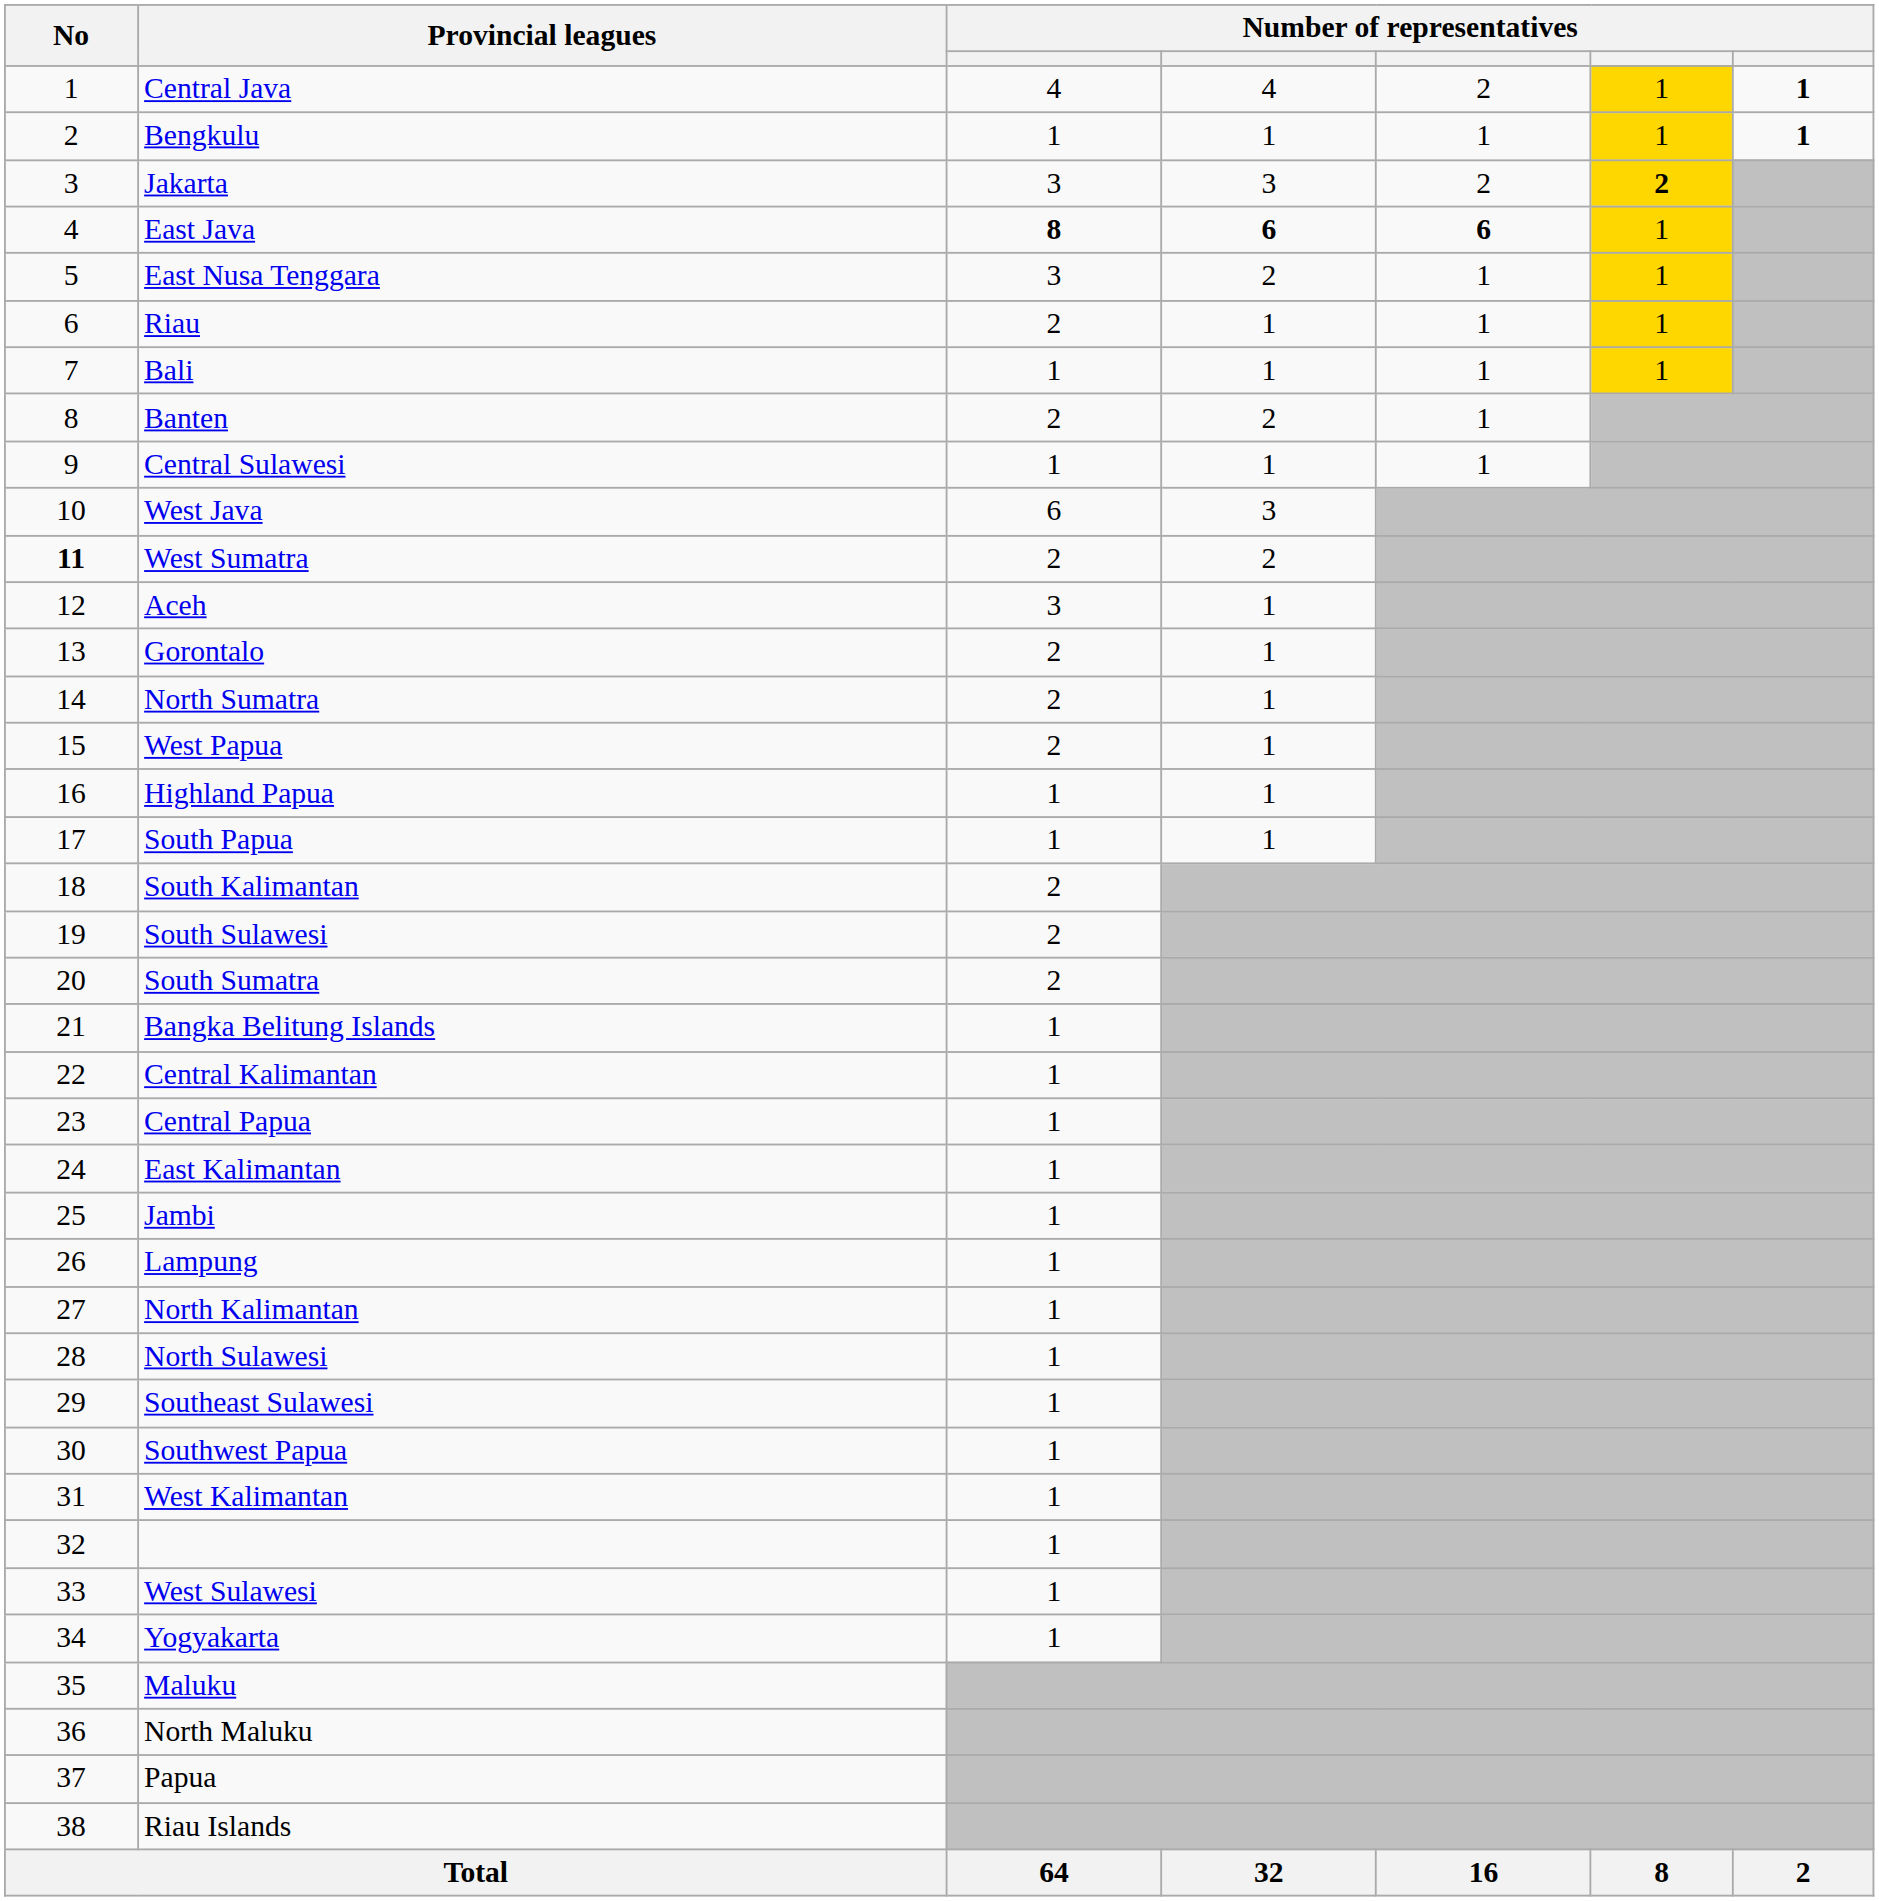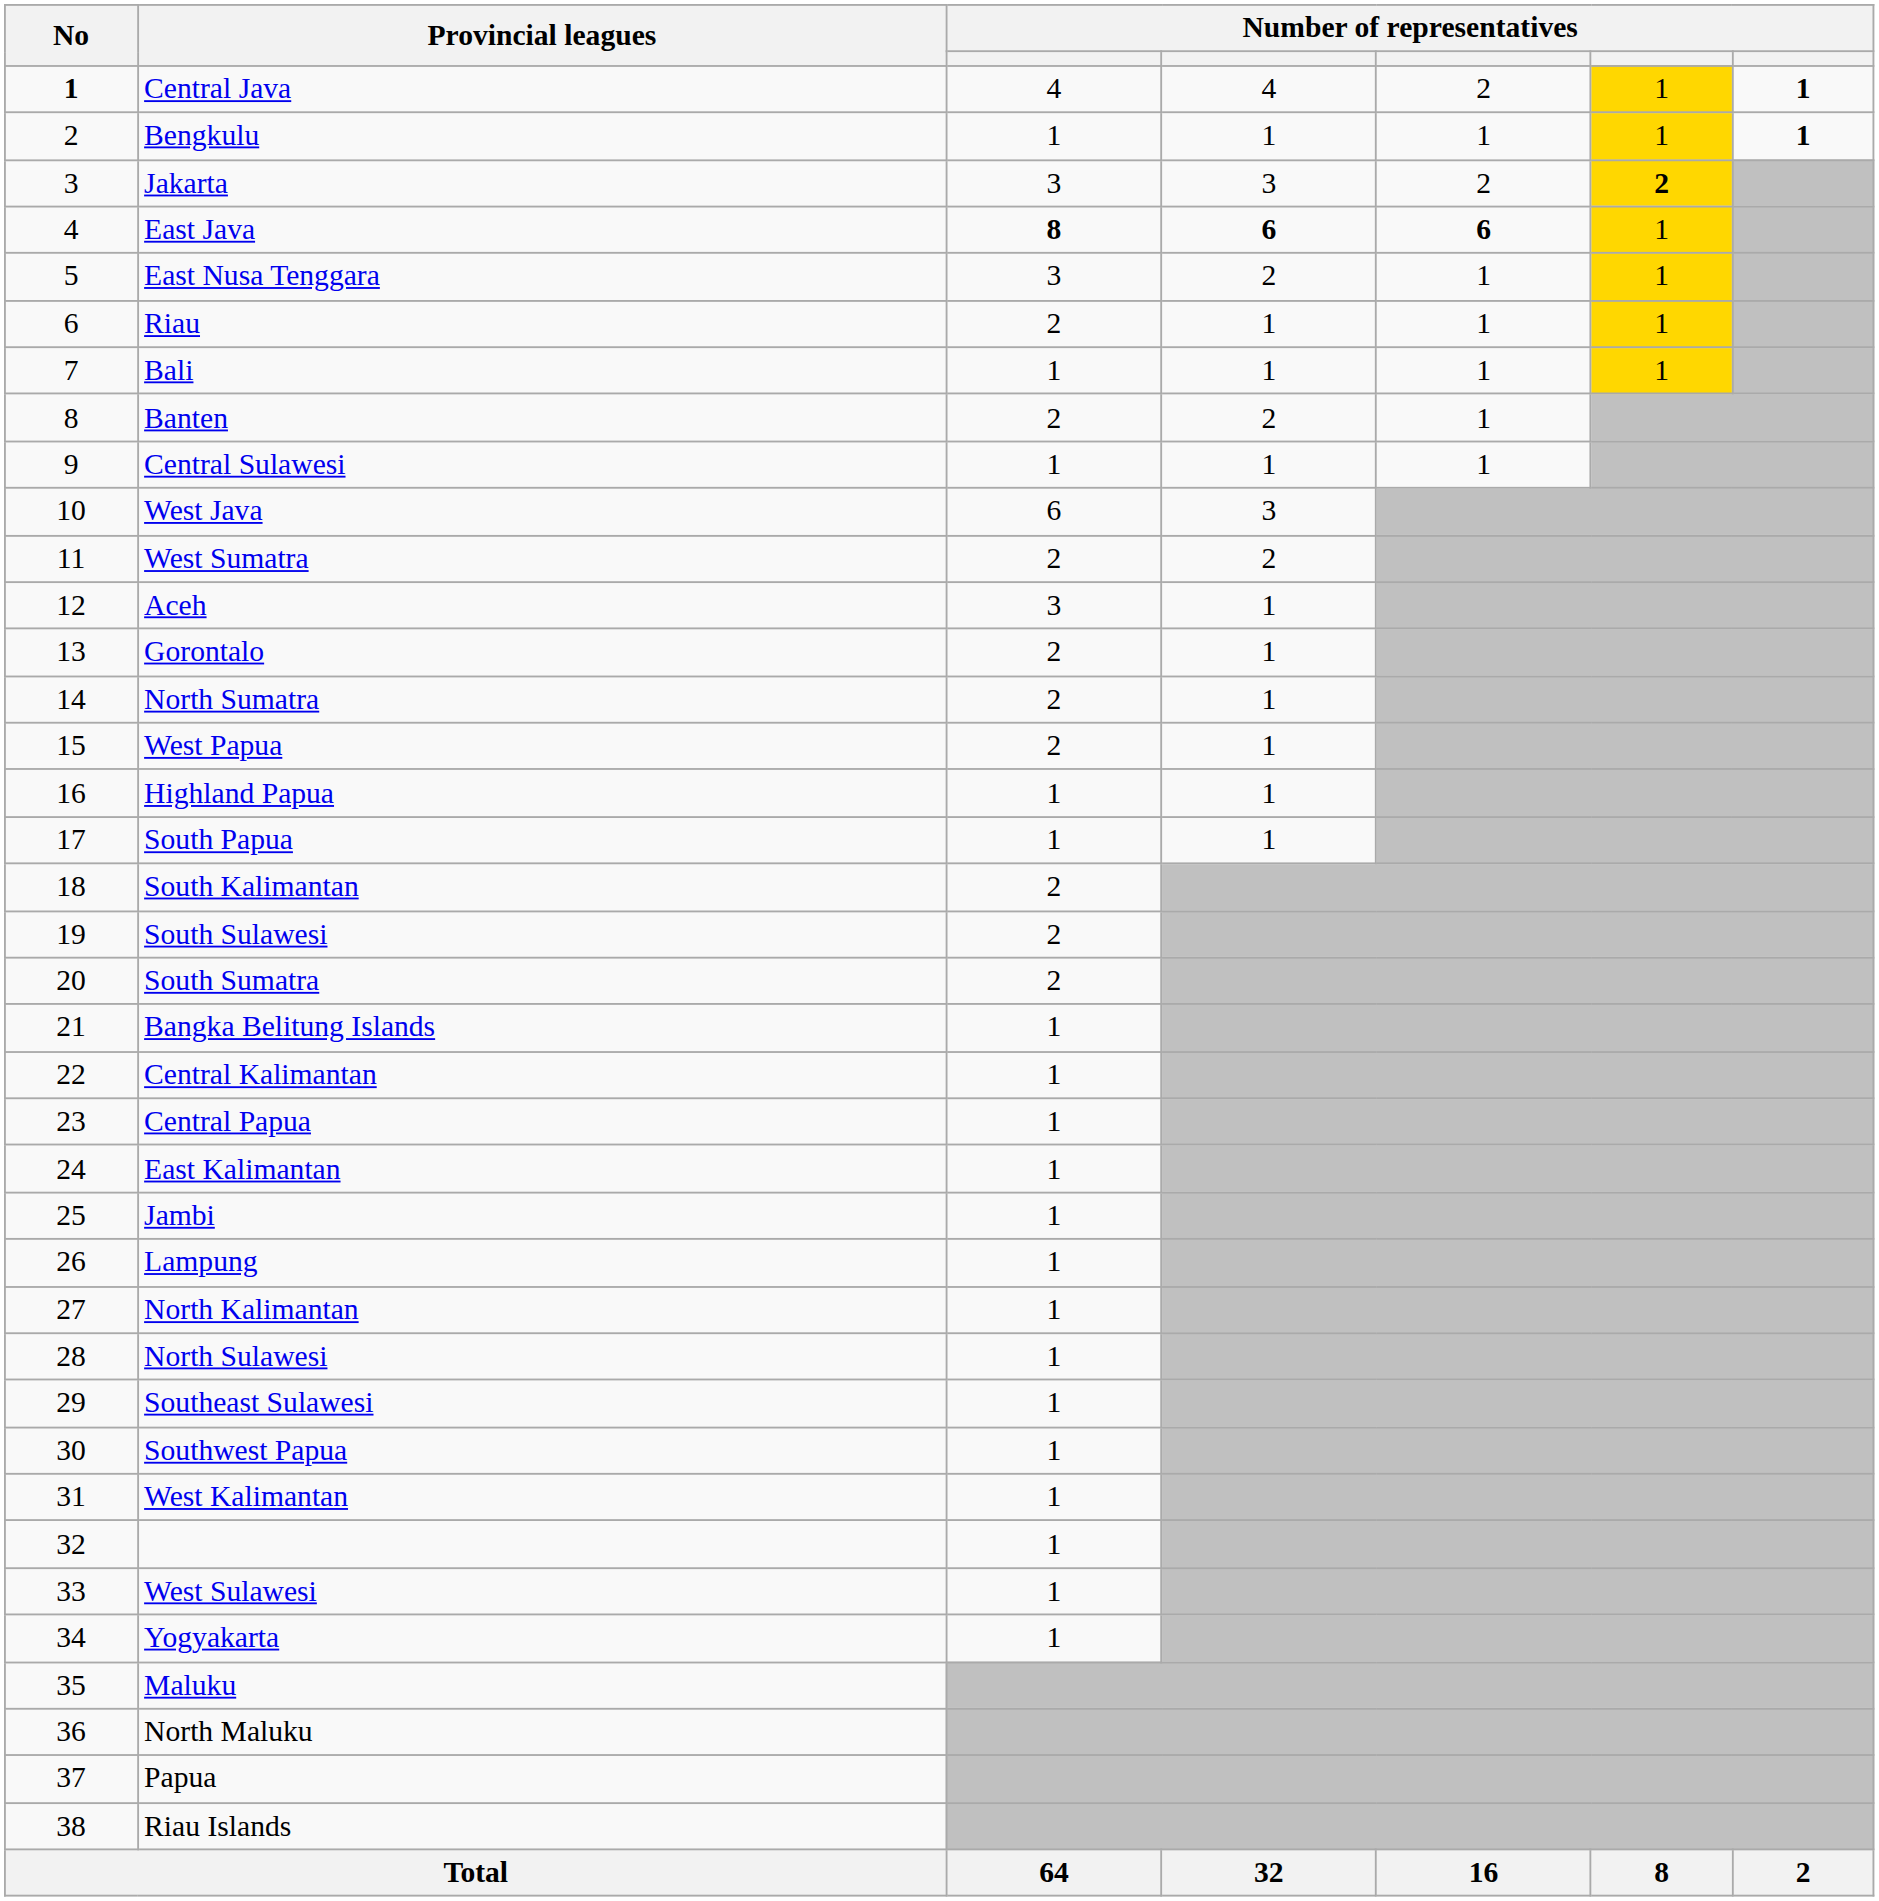 <table class="wikitable sortable" style="text-align: center; width:80%;">
 <tr>
 <th rowspan="2">No</th>
 <th rowspan="2">Provincial leagues</th>
 <th colspan="5">Number of representatives</th>
 </tr>
 <tr>
 <th></th>
 <th></th>
 <th></th>
 <th></th>
 <th></th>
 </tr>
 <tr>
-<td>1</td>
+<td><strong>1</strong></td>
 <td style="text-align: left"> <a href='#'>Central Java</a></td>
 <td>4</td>
 <td>4</td>
 <td>2</td>
 <td style="background:gold;">1</td>
 <td><strong>1</strong></td>
 </tr>
 <tr>
 <td>2</td>
 <td style="text-align: left"> <a href='#'>Bengkulu</a></td>
 <td>1</td>
 <td>1</td>
 <td>1</td>
 <td style="background:gold;">1</td>
 <td><strong>1</strong></td>
 </tr>
 <tr>
 <td>3</td>
 <td style="text-align: left"> <a href='#'>Jakarta</a></td>
 <td>3</td>
 <td>3</td>
 <td>2</td>
 <td style="background:gold;"><strong>2</strong></td>
 <td style="background:silver;"></td>
 </tr>
 <tr>
 <td>4</td>
 <td style="text-align: left"> <a href='#'>East Java</a></td>
 <td><strong>8</strong></td>
 <td><strong>6</strong></td>
 <td><strong>6</strong></td>
 <td style="background:gold;">1</td>
 <td style="background:silver;"></td>
 </tr>
 <tr>
 <td>5</td>
 <td style="text-align: left"> <a href='#'>East Nusa Tenggara</a></td>
 <td>3</td>
 <td>2</td>
 <td>1</td>
 <td style="background:gold;">1</td>
 <td style="background:silver;"></td>
 </tr>
 <tr>
 <td>6</td>
 <td style="text-align: left"> <a href='#'>Riau</a></td>
 <td>2</td>
 <td>1</td>
 <td>1</td>
 <td style="background:gold;">1</td>
 <td style="background:silver;"></td>
 </tr>
 <tr>
 <td>7</td>
 <td style="text-align: left"> <a href='#'>Bali</a></td>
 <td>1</td>
 <td>1</td>
 <td>1</td>
 <td style="background:gold;">1</td>
 <td style="background:silver;"></td>
 </tr>
 <tr>
 <td>8</td>
 <td style="text-align: left"> <a href='#'>Banten</a></td>
 <td>2</td>
 <td>2</td>
 <td>1</td>
 <td colspan="2" style="background:silver;"></td>
 </tr>
 <tr>
 <td>9</td>
 <td style="text-align: left"> <a href='#'>Central Sulawesi</a></td>
 <td>1</td>
 <td>1</td>
 <td>1</td>
 <td colspan="2" style="background:silver;"></td>
 </tr>
 <tr>
 <td>10</td>
 <td style="text-align: left"> <a href='#'>West Java</a></td>
 <td>6</td>
 <td>3</td>
 <td colspan="3" style="background:silver;"></td>
 </tr>
 <tr>
-<td><strong>11</strong></td>
+<td>11</td>
 <td style="text-align: left"> <a href='#'>West Sumatra</a></td>
 <td>2</td>
 <td>2</td>
 <td colspan="3" style="background:silver;"></td>
 </tr>
 <tr>
 <td>12</td>
 <td style="text-align: left"> <a href='#'>Aceh</a></td>
 <td>3</td>
 <td>1</td>
 <td colspan="3" style="background:silver;"></td>
 </tr>
 <tr>
 <td>13</td>
 <td style="text-align: left"> <a href='#'>Gorontalo</a></td>
 <td>2</td>
 <td>1</td>
 <td colspan="3" style="background:silver;"></td>
 </tr>
 <tr>
 <td>14</td>
 <td style="text-align: left"> <a href='#'>North Sumatra</a></td>
 <td>2</td>
 <td>1</td>
 <td colspan="4" style="background:silver;"></td>
 </tr>
 <tr>
 <td>15</td>
 <td style="text-align: left"> <a href='#'>West Papua</a></td>
 <td>2</td>
 <td>1</td>
 <td colspan="3" style="background:silver;"></td>
 </tr>
 <tr>
 <td>16</td>
 <td style="text-align: left"> <a href='#'>Highland Papua</a></td>
 <td>1</td>
 <td>1</td>
 <td colspan="3" style="background:silver;"></td>
 </tr>
 <tr>
 <td>17</td>
 <td style="text-align: left"> <a href='#'>South Papua</a></td>
 <td>1</td>
 <td>1</td>
 <td colspan="3" style="background:silver;"></td>
 </tr>
 <tr>
 <td>18</td>
 <td style="text-align: left"> <a href='#'>South Kalimantan</a></td>
 <td>2</td>
 <td colspan="4" style="background:silver;"></td>
 </tr>
 <tr>
 <td>19</td>
 <td style="text-align: left"> <a href='#'>South Sulawesi</a></td>
 <td>2</td>
 <td colspan="4" style="background:silver;"></td>
 </tr>
 <tr>
 <td>20</td>
 <td style="text-align: left"> <a href='#'>South Sumatra</a></td>
 <td>2</td>
 <td colspan="4" style="background:silver;"></td>
 </tr>
 <tr>
 <td>21</td>
 <td style="text-align: left"> <a href='#'>Bangka Belitung Islands</a></td>
 <td>1</td>
 <td colspan="4" style="background:silver;"></td>
 </tr>
 <tr>
 <td>22</td>
 <td style="text-align: left"> <a href='#'>Central Kalimantan</a></td>
 <td>1</td>
 <td colspan="4" style="background:silver;"></td>
 </tr>
 <tr>
 <td>23</td>
 <td style="text-align: left"> <a href='#'>Central Papua</a></td>
 <td>1</td>
 <td colspan="4" style="background:silver;"></td>
 </tr>
 <tr>
 <td>24</td>
 <td style="text-align: left"> <a href='#'> East Kalimantan</a></td>
 <td>1</td>
 <td colspan="4" style="background:silver;"></td>
 </tr>
 <tr>
 <td>25</td>
 <td style="text-align: left"> <a href='#'>Jambi</a></td>
 <td>1</td>
 <td colspan="4" style="background:silver;"></td>
 </tr>
 <tr>
 <td>26</td>
 <td style="text-align: left"> <a href='#'>Lampung</a></td>
 <td>1</td>
 <td colspan="4" style="background:silver;"></td>
 </tr>
 <tr>
 <td>27</td>
 <td style="text-align: left"> <a href='#'>North Kalimantan</a></td>
 <td>1</td>
 <td colspan="4" style="background:silver;"></td>
 </tr>
 <tr>
 <td>28</td>
 <td style="text-align: left"> <a href='#'>North Sulawesi</a></td>
 <td>1</td>
 <td colspan="4" style="background:silver;"></td>
 </tr>
 <tr>
 <td>29</td>
 <td style="text-align: left"> <a href='#'>Southeast Sulawesi</a></td>
 <td>1</td>
 <td colspan="4" style="background:silver;"></td>
 </tr>
 <tr>
 <td>30</td>
 <td style="text-align: left"> <a href='#'>Southwest Papua</a></td>
 <td>1</td>
 <td colspan="4" style="background:silver;"></td>
 </tr>
 <tr>
 <td>31</td>
 <td style="text-align: left"> <a href='#'>West Kalimantan</a></td>
 <td>1</td>
 <td colspan="4" style="background:silver;"></td>
 </tr>
 <tr>
 <td>32</td>
 <td style="text-align: left"></td>
 <td>1</td>
 <td colspan="4" style="background:silver;"></td>
 </tr>
 <tr>
 <td>33</td>
 <td style="text-align: left"> <a href='#'>West Sulawesi</a></td>
 <td>1</td>
 <td colspan="4" style="background:silver;"></td>
 </tr>
 <tr>
 <td>34</td>
 <td style="text-align: left"> <a href='#'>Yogyakarta</a></td>
 <td>1</td>
 <td colspan="4" style="background:silver;"></td>
 </tr>
 <tr>
 <td>35</td>
 <td style="text-align: left"> <a href='#'>Maluku</a></td>
 <th colspan="5" style="background:silver;"></th>
 </tr>
 <tr>
 <td>36</td>
 <td style="text-align: left"> North Maluku</td>
 <th colspan="5" style="background:silver;"></th>
 </tr>
 <tr>
 <td>37</td>
 <td style="text-align: left"> Papua</td>
 <th colspan="5" style="background:silver;"></th>
 </tr>
 <tr>
 <td>38</td>
 <td style="text-align: left"> Riau Islands</td>
 <th colspan="5" style="background:silver;"></th>
 </tr>
 <tr>
 <th colspan="2">Total</th>
 <th>64</th>
 <th>32</th>
 <th>16</th>
 <th>8</th>
 <th>2</th>
 </tr>
 </table>
